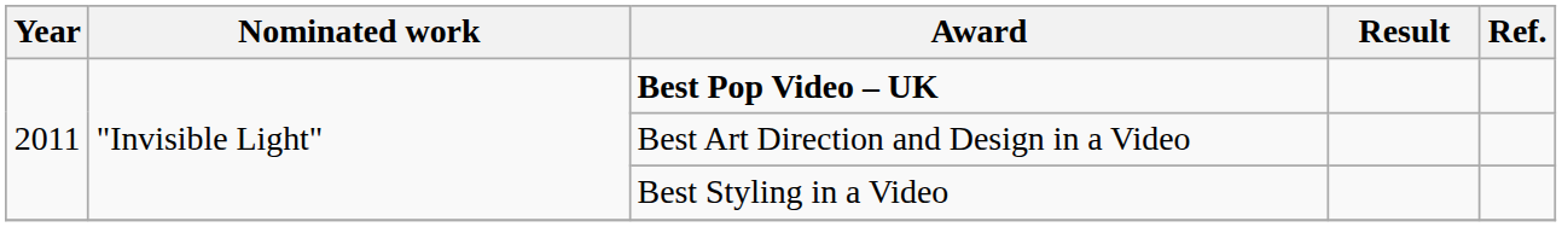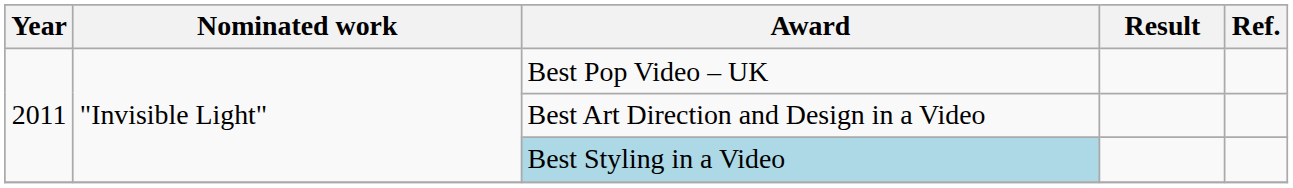 <table class="wikitable">
 <tr>
 <th>Year</th>
 <th width="250">Nominated work</th>
 <th width="325">Award</th>
 <th width="65">Result</th>
 <th>Ref.</th>
 </tr>
 <tr>
 <td align="center" rowspan=3>2011</td>
 <td rowspan=3>"Invisible Light"</td>
-<td><strong>Best Pop Video – UK</strong></td>
+<td>Best Pop Video – UK</td>
 <td></td>
 <td align="center"></td>
 </tr>
 <tr>
 <td>Best Art Direction and Design in a Video</td>
 <td></td>
 <td align="center"></td>
 </tr>
 <tr>
-<td>Best Styling in a Video</td>
+<td style="background: lightblue;">Best Styling in a Video</td>
 <td></td>
 <td align="center"></td>
 </tr>
 <tr>
 </tr>
 </table>
